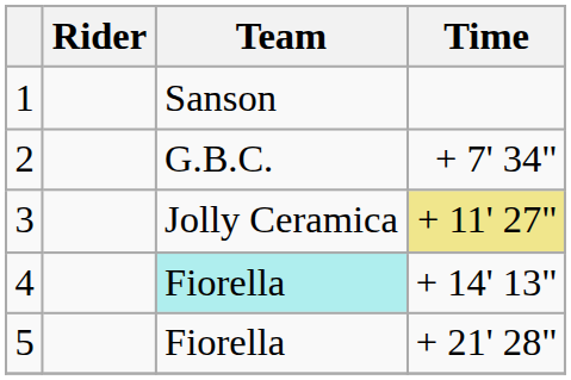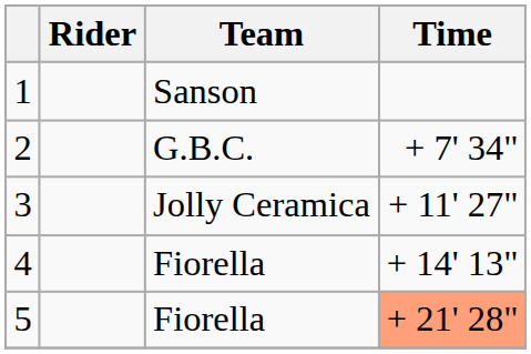 <table class="wikitable">
 <tr>
 <th></th>
 <th>Rider</th>
 <th>Team</th>
 <th>Time</th>
 </tr>
 <tr>
 <td>1</td>
 <td></td>
 <td>Sanson</td>
 <td align=right></td>
 </tr>
 <tr>
 <td>2</td>
 <td></td>
 <td>G.B.C.</td>
 <td align=right>+ 7' 34"</td>
 </tr>
 <tr>
 <td>3</td>
 <td></td>
 <td>Jolly Ceramica</td>
-<td align=right style="background: khaki;">+ 11' 27"</td>
+<td align=right>+ 11' 27"</td>
 </tr>
 <tr>
 <td>4</td>
 <td></td>
-<td style="background: paleturquoise;">Fiorella</td>
+<td>Fiorella</td>
 <td align=right>+ 14' 13"</td>
 </tr>
 <tr>
 <td>5</td>
 <td></td>
 <td>Fiorella</td>
-<td align=right>+ 21' 28"</td>
+<td align=right style="background: lightsalmon;">+ 21' 28"</td>
 </tr>
 <tr>
 </tr>
 </table>
